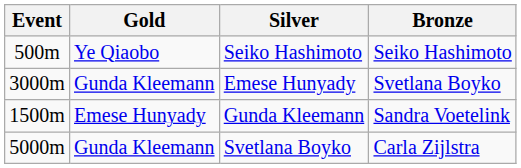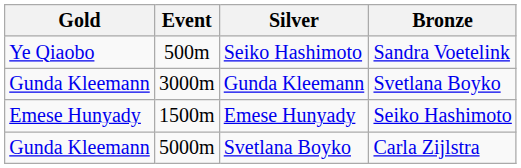 <table class="wikitable">
 <tr>
+<th>Gold<br></th>
 <th>Event</th>
-<th>Gold<br></th>
 <th>Silver<br></th>
 <th>Bronze<br></th>
 </tr>
 <tr>
+<td><a href='#'>Ye Qiaobo</a></td>
 <td style="text-align:center">500m</td>
-<td><a href='#'>Ye Qiaobo</a></td>
 <td><a href='#'>Seiko Hashimoto</a></td>
+<td><a href='#'>Sandra Voetelink</a></td>
+</tr>
+<tr>
+<td><a href='#'>Gunda Kleemann</a></td>
+<td style="text-align:center">3000m</td>
+<td><a href='#'>Gunda Kleemann</a></td>
+<td><a href='#'>Svetlana Boyko</a></td>
+</tr>
+<tr>
+<td><a href='#'>Emese Hunyady</a></td>
+<td style="text-align:center">1500m</td>
+<td><a href='#'>Emese Hunyady</a></td>
 <td><a href='#'>Seiko Hashimoto</a></td>
 </tr>
 <tr>
-<td style="text-align:center">3000m</td>
 <td><a href='#'>Gunda Kleemann</a></td>
-<td><a href='#'>Emese Hunyady</a></td>
-<td><a href='#'>Svetlana Boyko</a></td>
-</tr>
-<tr>
-<td style="text-align:center">1500m</td>
-<td><a href='#'>Emese Hunyady</a></td>
-<td><a href='#'>Gunda Kleemann</a></td>
-<td><a href='#'>Sandra Voetelink</a></td>
-</tr>
-<tr>
 <td style="text-align:center">5000m</td>
-<td><a href='#'>Gunda Kleemann</a></td>
 <td><a href='#'>Svetlana Boyko</a></td>
 <td><a href='#'>Carla Zijlstra</a></td>
 </tr>
 </table>
